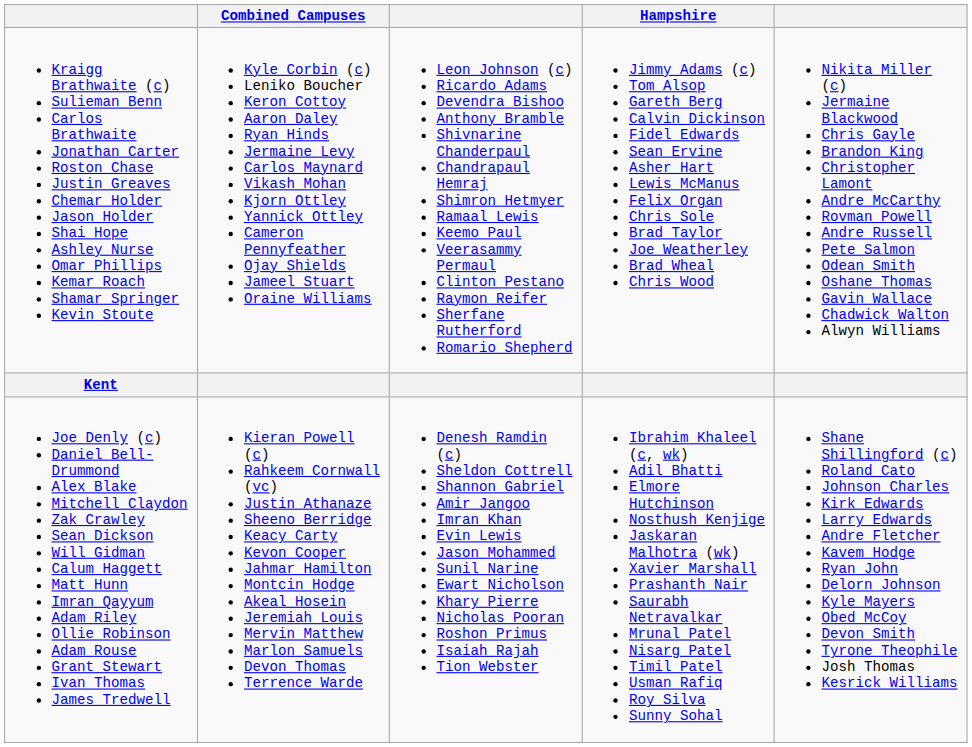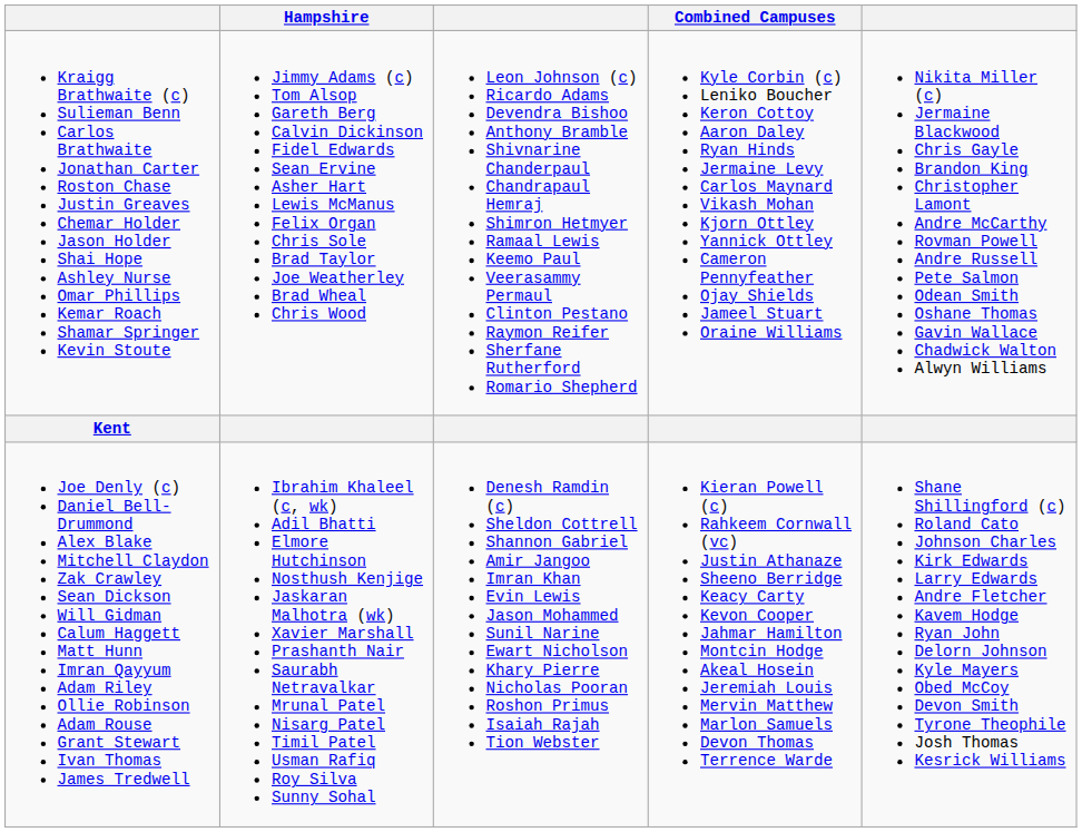 <table class="wikitable" width="100%">
 <tr>
 <th width=20%></th>
+<th width=20%> <a href='#'>Hampshire</a></th>
+<th width=20%></th>
 <th width=20%> <a href='#'>Combined Campuses</a></th>
-<th width=20%></th>
-<th width=20%> <a href='#'>Hampshire</a></th>
 <th width=20%></th>
 </tr>
 <tr>
 <td valign=top><br><ul><li><a href='#'>Kraigg Brathwaite</a> (<a href='#'>c</a>)</li><li><a href='#'>Sulieman Benn</a></li><li><a href='#'>Carlos Brathwaite</a></li><li><a href='#'>Jonathan Carter</a></li><li><a href='#'>Roston Chase</a></li><li><a href='#'>Justin Greaves</a></li><li><a href='#'>Chemar Holder</a></li><li><a href='#'>Jason Holder</a></li><li><a href='#'>Shai Hope</a></li><li><a href='#'>Ashley Nurse</a></li><li><a href='#'>Omar Phillips</a></li><li><a href='#'>Kemar Roach</a></li><li><a href='#'>Shamar Springer</a></li><li><a href='#'>Kevin Stoute</a></li></ul></td>
+<td valign=top><br><ul><li><a href='#'>Jimmy Adams</a> (<a href='#'>c</a>)</li><li><a href='#'>Tom Alsop</a></li><li><a href='#'>Gareth Berg</a></li><li><a href='#'>Calvin Dickinson</a></li><li><a href='#'>Fidel Edwards</a></li><li><a href='#'>Sean Ervine</a></li><li><a href='#'>Asher Hart</a></li><li><a href='#'>Lewis McManus</a></li><li><a href='#'>Felix Organ</a></li><li><a href='#'>Chris Sole</a></li><li><a href='#'>Brad Taylor</a></li><li><a href='#'>Joe Weatherley</a></li><li><a href='#'>Brad Wheal</a></li><li><a href='#'>Chris Wood</a></li></ul></td>
+<td valign=top><br><ul><li><a href='#'>Leon Johnson</a> (<a href='#'>c</a>)</li><li><a href='#'>Ricardo Adams</a></li><li><a href='#'>Devendra Bishoo</a></li><li><a href='#'>Anthony Bramble</a></li><li><a href='#'>Shivnarine Chanderpaul</a></li><li><a href='#'>Chandrapaul Hemraj</a></li><li><a href='#'>Shimron Hetmyer</a></li><li><a href='#'>Ramaal Lewis</a></li><li><a href='#'>Keemo Paul</a></li><li><a href='#'>Veerasammy Permaul</a></li><li><a href='#'>Clinton Pestano</a></li><li><a href='#'>Raymon Reifer</a></li><li><a href='#'>Sherfane Rutherford</a></li><li><a href='#'>Romario Shepherd</a></li></ul></td>
 <td valign=top><br><ul><li><a href='#'>Kyle Corbin</a> (<a href='#'>c</a>)</li><li>Leniko Boucher</li><li><a href='#'>Keron Cottoy</a></li><li><a href='#'>Aaron Daley</a></li><li><a href='#'>Ryan Hinds</a></li><li><a href='#'>Jermaine Levy</a></li><li><a href='#'>Carlos Maynard</a></li><li><a href='#'>Vikash Mohan</a></li><li><a href='#'>Kjorn Ottley</a></li><li><a href='#'>Yannick Ottley</a></li><li><a href='#'>Cameron Pennyfeather</a></li><li><a href='#'>Ojay Shields</a></li><li><a href='#'>Jameel Stuart</a></li><li><a href='#'>Oraine Williams</a></li></ul></td>
-<td valign=top><br><ul><li><a href='#'>Leon Johnson</a> (<a href='#'>c</a>)</li><li><a href='#'>Ricardo Adams</a></li><li><a href='#'>Devendra Bishoo</a></li><li><a href='#'>Anthony Bramble</a></li><li><a href='#'>Shivnarine Chanderpaul</a></li><li><a href='#'>Chandrapaul Hemraj</a></li><li><a href='#'>Shimron Hetmyer</a></li><li><a href='#'>Ramaal Lewis</a></li><li><a href='#'>Keemo Paul</a></li><li><a href='#'>Veerasammy Permaul</a></li><li><a href='#'>Clinton Pestano</a></li><li><a href='#'>Raymon Reifer</a></li><li><a href='#'>Sherfane Rutherford</a></li><li><a href='#'>Romario Shepherd</a></li></ul></td>
-<td valign=top><br><ul><li><a href='#'>Jimmy Adams</a> (<a href='#'>c</a>)</li><li><a href='#'>Tom Alsop</a></li><li><a href='#'>Gareth Berg</a></li><li><a href='#'>Calvin Dickinson</a></li><li><a href='#'>Fidel Edwards</a></li><li><a href='#'>Sean Ervine</a></li><li><a href='#'>Asher Hart</a></li><li><a href='#'>Lewis McManus</a></li><li><a href='#'>Felix Organ</a></li><li><a href='#'>Chris Sole</a></li><li><a href='#'>Brad Taylor</a></li><li><a href='#'>Joe Weatherley</a></li><li><a href='#'>Brad Wheal</a></li><li><a href='#'>Chris Wood</a></li></ul></td>
 <td valign=top><br><ul><li><a href='#'>Nikita Miller</a> (<a href='#'>c</a>)</li><li><a href='#'>Jermaine Blackwood</a></li><li><a href='#'>Chris Gayle</a></li><li><a href='#'>Brandon King</a></li><li><a href='#'>Christopher Lamont</a></li><li><a href='#'>Andre McCarthy</a></li><li><a href='#'>Rovman Powell</a></li><li><a href='#'>Andre Russell</a></li><li><a href='#'>Pete Salmon</a></li><li><a href='#'>Odean Smith</a></li><li><a href='#'>Oshane Thomas</a></li><li><a href='#'>Gavin Wallace</a></li><li><a href='#'>Chadwick Walton</a></li><li>Alwyn Williams</li></ul></td>
 </tr>
 <tr>
 <th width=20%> <a href='#'>Kent</a></th>
 <th width=20%></th>
 <th width=20%></th>
 <th width=20%></th>
 <th width=20%></th>
 </tr>
 <tr>
 <td valign=top><br><ul><li><a href='#'>Joe Denly</a> (<a href='#'>c</a>)</li><li><a href='#'>Daniel Bell-Drummond</a></li><li><a href='#'>Alex Blake</a></li><li><a href='#'>Mitchell Claydon</a></li><li><a href='#'>Zak Crawley</a></li><li><a href='#'>Sean Dickson</a></li><li><a href='#'>Will Gidman</a></li><li><a href='#'>Calum Haggett</a></li><li><a href='#'>Matt Hunn</a></li><li><a href='#'>Imran Qayyum</a></li><li><a href='#'>Adam Riley</a></li><li><a href='#'>Ollie Robinson</a></li><li><a href='#'>Adam Rouse</a></li><li><a href='#'>Grant Stewart</a></li><li><a href='#'>Ivan Thomas</a></li><li><a href='#'>James Tredwell</a></li></ul></td>
+<td valign=top><br><ul><li><a href='#'>Ibrahim Khaleel</a> (<a href='#'>c</a>, <a href='#'>wk</a>)</li><li><a href='#'>Adil Bhatti</a></li><li><a href='#'>Elmore Hutchinson</a></li><li><a href='#'>Nosthush Kenjige</a></li><li><a href='#'>Jaskaran Malhotra</a> (<a href='#'>wk</a>)</li><li><a href='#'>Xavier Marshall</a></li><li><a href='#'>Prashanth Nair</a></li><li><a href='#'>Saurabh Netravalkar</a></li><li><a href='#'>Mrunal Patel</a></li><li><a href='#'>Nisarg Patel</a></li><li><a href='#'>Timil Patel</a></li><li><a href='#'>Usman Rafiq</a></li><li><a href='#'>Roy Silva</a></li><li><a href='#'>Sunny Sohal</a></li></ul></td>
+<td valign=top><br><ul><li><a href='#'>Denesh Ramdin</a> (<a href='#'>c</a>)</li><li><a href='#'>Sheldon Cottrell</a></li><li><a href='#'>Shannon Gabriel</a></li><li><a href='#'>Amir Jangoo</a></li><li><a href='#'>Imran Khan</a></li><li><a href='#'>Evin Lewis</a></li><li><a href='#'>Jason Mohammed</a></li><li><a href='#'>Sunil Narine</a></li><li><a href='#'>Ewart Nicholson</a></li><li><a href='#'>Khary Pierre</a></li><li><a href='#'>Nicholas Pooran</a></li><li><a href='#'>Roshon Primus</a></li><li><a href='#'>Isaiah Rajah</a></li><li><a href='#'>Tion Webster</a></li></ul></td>
 <td valign=top><br><ul><li><a href='#'>Kieran Powell</a> (<a href='#'>c</a>)</li><li><a href='#'>Rahkeem Cornwall</a> (<a href='#'>vc</a>)</li><li><a href='#'>Justin Athanaze</a></li><li><a href='#'>Sheeno Berridge</a></li><li><a href='#'>Keacy Carty</a></li><li><a href='#'>Kevon Cooper</a></li><li><a href='#'>Jahmar Hamilton</a></li><li><a href='#'>Montcin Hodge</a></li><li><a href='#'>Akeal Hosein</a></li><li><a href='#'>Jeremiah Louis</a></li><li><a href='#'>Mervin Matthew</a></li><li><a href='#'>Marlon Samuels</a></li><li><a href='#'>Devon Thomas</a></li><li><a href='#'>Terrence Warde</a></li></ul></td>
-<td valign=top><br><ul><li><a href='#'>Denesh Ramdin</a> (<a href='#'>c</a>)</li><li><a href='#'>Sheldon Cottrell</a></li><li><a href='#'>Shannon Gabriel</a></li><li><a href='#'>Amir Jangoo</a></li><li><a href='#'>Imran Khan</a></li><li><a href='#'>Evin Lewis</a></li><li><a href='#'>Jason Mohammed</a></li><li><a href='#'>Sunil Narine</a></li><li><a href='#'>Ewart Nicholson</a></li><li><a href='#'>Khary Pierre</a></li><li><a href='#'>Nicholas Pooran</a></li><li><a href='#'>Roshon Primus</a></li><li><a href='#'>Isaiah Rajah</a></li><li><a href='#'>Tion Webster</a></li></ul></td>
-<td valign=top><br><ul><li><a href='#'>Ibrahim Khaleel</a> (<a href='#'>c</a>, <a href='#'>wk</a>)</li><li><a href='#'>Adil Bhatti</a></li><li><a href='#'>Elmore Hutchinson</a></li><li><a href='#'>Nosthush Kenjige</a></li><li><a href='#'>Jaskaran Malhotra</a> (<a href='#'>wk</a>)</li><li><a href='#'>Xavier Marshall</a></li><li><a href='#'>Prashanth Nair</a></li><li><a href='#'>Saurabh Netravalkar</a></li><li><a href='#'>Mrunal Patel</a></li><li><a href='#'>Nisarg Patel</a></li><li><a href='#'>Timil Patel</a></li><li><a href='#'>Usman Rafiq</a></li><li><a href='#'>Roy Silva</a></li><li><a href='#'>Sunny Sohal</a></li></ul></td>
 <td valign=top><br><ul><li><a href='#'>Shane Shillingford</a> (<a href='#'>c</a>)</li><li><a href='#'>Roland Cato</a></li><li><a href='#'>Johnson Charles</a></li><li><a href='#'>Kirk Edwards</a></li><li><a href='#'>Larry Edwards</a></li><li><a href='#'>Andre Fletcher</a></li><li><a href='#'>Kavem Hodge</a></li><li><a href='#'>Ryan John</a></li><li><a href='#'>Delorn Johnson</a></li><li><a href='#'>Kyle Mayers</a></li><li><a href='#'>Obed McCoy</a></li><li><a href='#'>Devon Smith</a></li><li><a href='#'>Tyrone Theophile</a></li><li>Josh Thomas</li><li><a href='#'>Kesrick Williams</a></li></ul></td>
 </tr>
 </table>
